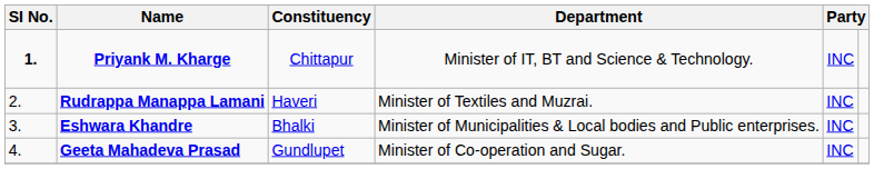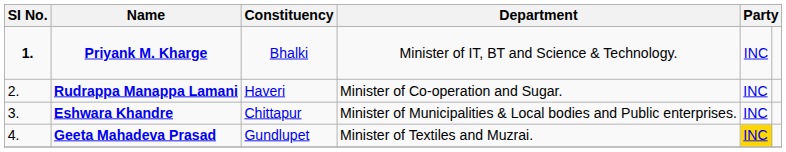 <table class ="wikitable">
 <tr>
 <th>SI No.</th>
 <th>Name</th>
 <th>Constituency</th>
 <th>Department</th>
 <th colspan="2" scope="col">Party</th>
 </tr>
 <tr style="text-align:center; height:60px;">
 <td><strong>1.</strong></td>
 <td><strong><a href='#'>Priyank M. Kharge</a></strong></td>
-<td><a href='#'>Chittapur</a></td>
+<td><a href='#'>Bhalki</a></td>
 <td>Minister of IT, BT and Science & Technology.</td>
 <td><a href='#'>INC</a></td>
 <td width="4px" style="background-color: "></td>
 </tr>
 <tr>
 <td>2.</td>
 <td><strong><a href='#'>Rudrappa Manappa Lamani</a></strong></td>
 <td><a href='#'>Haveri</a></td>
-<td>Minister of Textiles and Muzrai.</td>
+<td>Minister of Co-operation and Sugar.</td>
 <td><a href='#'>INC</a></td>
 <td width="4px" style="background-color: "></td>
 </tr>
 <tr>
 <td>3.</td>
 <td><strong><a href='#'>Eshwara Khandre</a></strong></td>
-<td><a href='#'>Bhalki</a></td>
+<td><a href='#'>Chittapur</a></td>
 <td>Minister of Municipalities & Local bodies and Public enterprises.</td>
 <td><a href='#'>INC</a></td>
 <td width="4px" style="background-color: "></td>
 </tr>
 <tr>
 <td>4.</td>
 <td><strong><a href='#'>Geeta Mahadeva Prasad</a></strong></td>
 <td><a href='#'>Gundlupet</a></td>
-<td>Minister of Co-operation and Sugar.</td>
-<td><a href='#'>INC</a></td>
+<td>Minister of Textiles and Muzrai.</td>
+<td style="background: gold;"><a href='#'>INC</a></td>
 <td width="4px" style="background-color: "></td>
 </tr>
 <tr>
 </tr>
 </table>
